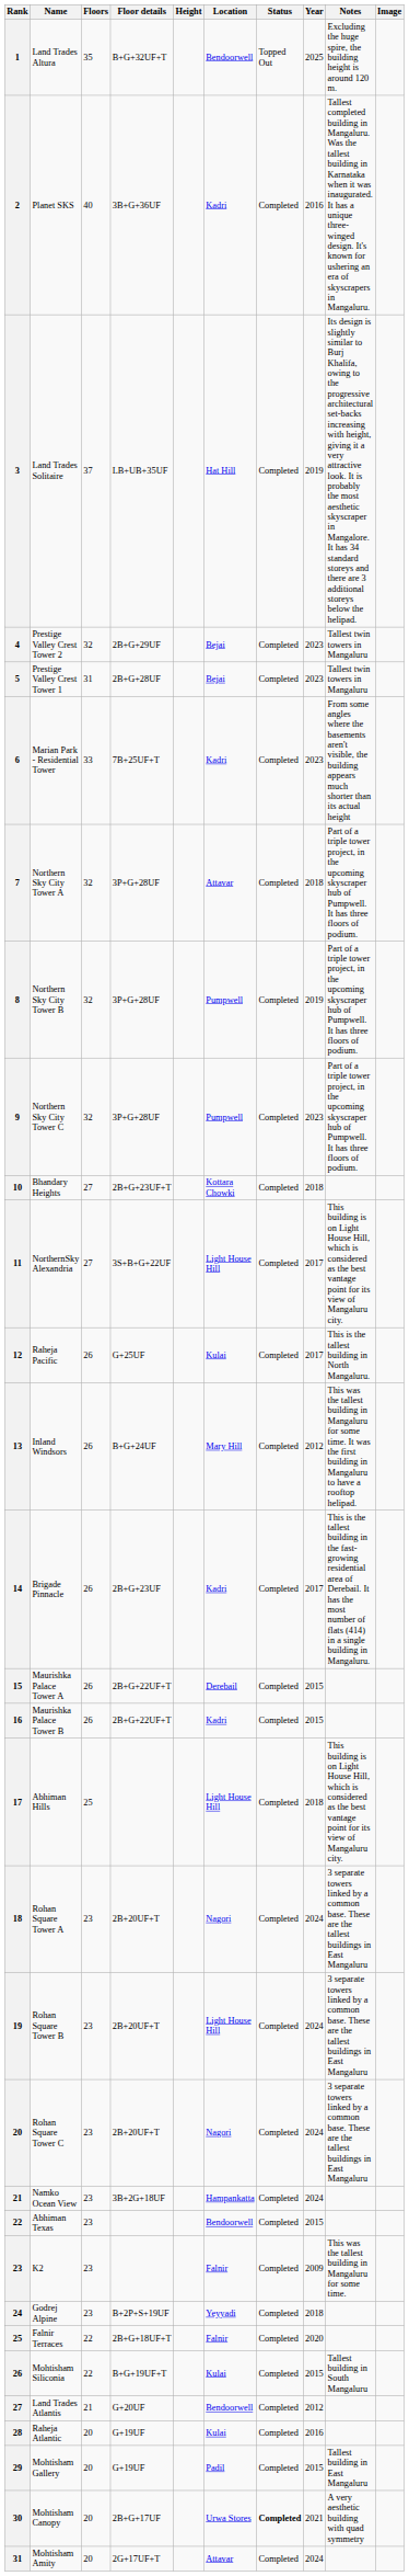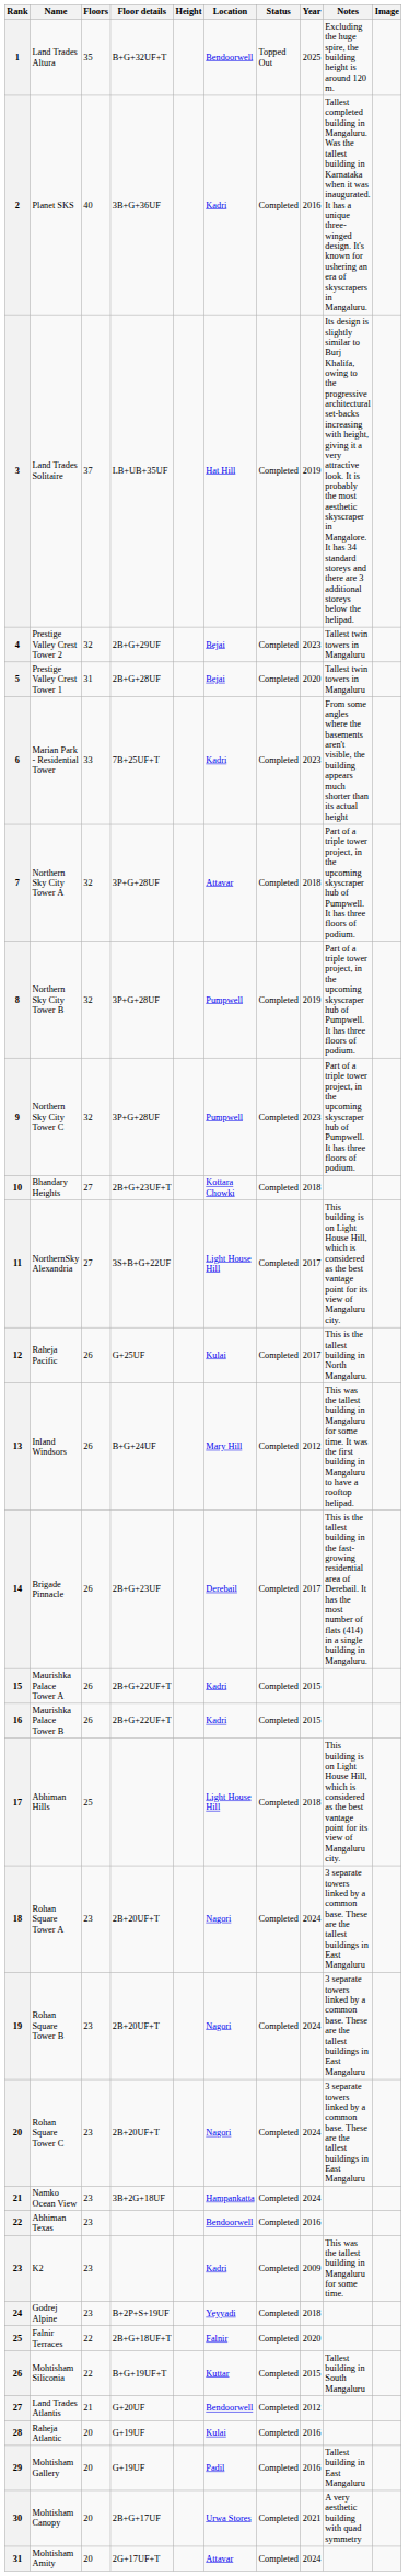 <table class="wikitable sortable">
 <tr style="background:#ececec;">
 <th>Rank</th>
 <th>Name</th>
 <th>Floors</th>
 <th>Floor details</th>
 <th>Height</th>
 <th>Location</th>
 <th>Status</th>
 <th>Year</th>
 <th>Notes</th>
 <th>Image</th>
 </tr>
 <tr>
 <th>1</th>
 <td>Land Trades Altura</td>
 <td>35</td>
 <td>B+G+32UF+T</td>
 <td></td>
 <td><a href='#'>Bendoorwell</a></td>
 <td>Topped Out</td>
 <td>2025</td>
 <td>Excluding the huge spire, the building height is around 120 m.</td>
 <td></td>
 </tr>
 <tr>
 <th>2</th>
 <td>Planet SKS</td>
 <td>40</td>
 <td>3B+G+36UF</td>
 <td></td>
 <td><a href='#'>Kadri</a></td>
 <td>Completed</td>
 <td>2016</td>
 <td>Tallest completed building in Mangaluru. Was the tallest building in Karnataka when it was inaugurated. It has a unique three-winged design. It's known for ushering an era of skyscrapers in Mangaluru.</td>
 <td></td>
 </tr>
 <tr>
 <th>3</th>
 <td>Land Trades Solitaire</td>
 <td>37</td>
 <td>LB+UB+35UF</td>
 <td></td>
 <td><a href='#'>Hat Hill</a></td>
 <td>Completed</td>
 <td>2019</td>
 <td>Its design is slightly similar to Burj Khalifa, owing to the progressive architectural set-backs increasing with height, giving it a very attractive look. It is probably the most aesthetic skyscraper in Mangalore. It has 34 standard storeys and there are 3 additional storeys below the helipad.</td>
 <td></td>
 </tr>
 <tr>
 <th>4</th>
 <td>Prestige Valley Crest Tower 2</td>
 <td>32</td>
 <td>2B+G+29UF</td>
 <td></td>
 <td><a href='#'>Bejai</a></td>
 <td>Completed</td>
 <td>2023</td>
 <td>Tallest twin towers in Mangaluru</td>
 <td></td>
 </tr>
 <tr>
 <th>5</th>
 <td>Prestige Valley Crest Tower 1</td>
 <td>31</td>
 <td>2B+G+28UF</td>
 <td></td>
 <td><a href='#'>Bejai</a></td>
 <td>Completed</td>
-<td>2023</td>
+<td>2020</td>
 <td>Tallest twin towers in Mangaluru</td>
 <td></td>
 </tr>
 <tr>
 <th>6</th>
 <td>Marian Park - Residential Tower</td>
 <td>33</td>
 <td>7B+25UF+T</td>
 <td></td>
 <td><a href='#'>Kadri</a></td>
 <td>Completed</td>
 <td>2023</td>
 <td>From some angles where the basements aren't visible, the building appears much shorter than its actual height</td>
 <td></td>
 </tr>
 <tr>
 <th>7</th>
 <td>Northern Sky City Tower A</td>
 <td>32</td>
 <td>3P+G+28UF</td>
 <td></td>
 <td><a href='#'>Attavar</a></td>
 <td>Completed</td>
 <td>2018</td>
 <td>Part of a triple tower project, in the upcoming skyscraper hub of Pumpwell. It has three floors of podium.</td>
 <td></td>
 </tr>
 <tr>
 <th>8</th>
 <td>Northern Sky City Tower B</td>
 <td>32</td>
 <td>3P+G+28UF</td>
 <td></td>
 <td><a href='#'>Pumpwell</a></td>
 <td>Completed</td>
 <td>2019</td>
 <td>Part of a triple tower project, in the upcoming skyscraper hub of Pumpwell. It has three floors of podium.</td>
 <td></td>
 </tr>
 <tr>
 <th>9</th>
 <td>Northern Sky City Tower C</td>
 <td>32</td>
 <td>3P+G+28UF</td>
 <td></td>
 <td><a href='#'>Pumpwell</a></td>
 <td>Completed</td>
 <td>2023</td>
 <td>Part of a triple tower project, in the upcoming skyscraper hub of Pumpwell. It has three floors of podium.</td>
 <td></td>
 </tr>
 <tr>
 <th>10</th>
 <td>Bhandary Heights</td>
 <td>27</td>
 <td>2B+G+23UF+T </td>
 <td></td>
 <td><a href='#'>Kottara Chowki</a></td>
 <td>Completed</td>
 <td>2018</td>
 <td></td>
 <td></td>
 </tr>
 <tr>
 <th>11</th>
 <td>NorthernSky Alexandria</td>
 <td>27</td>
 <td>3S+B+G+22UF </td>
 <td></td>
 <td><a href='#'>Light House Hill</a></td>
 <td>Completed</td>
 <td>2017</td>
 <td>This building is on Light House Hill, which is considered as the best vantage point for its view of Mangaluru city.</td>
 <td></td>
 </tr>
 <tr>
 <th>12</th>
 <td>Raheja Pacific</td>
 <td>26</td>
 <td>G+25UF</td>
 <td></td>
 <td><a href='#'>Kulai</a></td>
 <td>Completed</td>
 <td>2017</td>
 <td>This is the tallest building in North Mangaluru.</td>
 <td></td>
 </tr>
 <tr>
 <th>13</th>
 <td>Inland Windsors</td>
 <td>26</td>
 <td>B+G+24UF</td>
 <td></td>
 <td><a href='#'>Mary Hill</a></td>
 <td>Completed</td>
 <td>2012</td>
 <td>This was the tallest building in Mangaluru for some time. It was the first building in Mangaluru to have a rooftop helipad.</td>
 <td></td>
 </tr>
 <tr>
 <th>14</th>
 <td>Brigade Pinnacle</td>
 <td>26</td>
 <td>2B+G+23UF</td>
 <td></td>
-<td><a href='#'>Kadri</a></td>
+<td><a href='#'>Derebail</a></td>
 <td>Completed</td>
 <td>2017</td>
 <td>This is the tallest building in the fast-growing residential area of Derebail. It has the most number of flats (414) in a single building in Mangaluru.</td>
 <td></td>
 </tr>
 <tr>
 <th>15</th>
 <td>Maurishka Palace Tower A</td>
 <td>26</td>
 <td>2B+G+22UF+T</td>
 <td></td>
-<td><a href='#'>Derebail</a></td>
+<td><a href='#'>Kadri</a></td>
 <td>Completed</td>
 <td>2015</td>
 <td></td>
 <td></td>
 </tr>
 <tr>
 <th>16</th>
 <td>Maurishka Palace Tower B</td>
 <td>26</td>
 <td>2B+G+22UF+T</td>
 <td></td>
 <td><a href='#'>Kadri</a></td>
 <td>Completed</td>
 <td>2015</td>
 <td></td>
 <td></td>
 </tr>
 <tr>
 <th>17</th>
 <td>Abhiman Hills</td>
 <td>25</td>
 <td></td>
 <td></td>
 <td><a href='#'>Light House Hill</a></td>
 <td>Completed</td>
 <td>2018</td>
 <td>This building is on Light House Hill, which is considered as the best vantage point for its view of Mangaluru city.</td>
 <td></td>
 </tr>
 <tr>
 <th>18</th>
 <td>Rohan Square Tower A</td>
 <td>23</td>
 <td>2B+20UF+T</td>
 <td></td>
 <td><a href='#'>Nagori</a></td>
 <td>Completed</td>
 <td>2024</td>
 <td>3 separate towers linked by a common base. These are the tallest buildings in East Mangaluru</td>
 <td></td>
 </tr>
 <tr>
 <th>19</th>
 <td>Rohan Square Tower B</td>
 <td>23</td>
 <td>2B+20UF+T</td>
 <td></td>
-<td><a href='#'>Light House Hill</a></td>
+<td><a href='#'>Nagori</a></td>
 <td>Completed</td>
 <td>2024</td>
 <td>3 separate towers linked by a common base. These are the tallest buildings in East Mangaluru</td>
 <td></td>
 </tr>
 <tr>
 <th>20</th>
 <td>Rohan Square Tower C</td>
 <td>23</td>
 <td>2B+20UF+T</td>
 <td></td>
 <td><a href='#'>Nagori</a></td>
 <td>Completed</td>
 <td>2024</td>
 <td>3 separate towers linked by a common base. These are the tallest buildings in East Mangaluru</td>
 <td></td>
 </tr>
 <tr>
 <th>21</th>
 <td>Namko Ocean View</td>
 <td>23</td>
 <td>3B+2G+18UF</td>
 <td></td>
 <td><a href='#'>Hampankatta</a></td>
 <td>Completed</td>
 <td>2024</td>
 <td></td>
 <td></td>
 </tr>
 <tr>
 <th>22</th>
 <td>Abhiman Texas</td>
 <td>23</td>
 <td></td>
 <td></td>
 <td><a href='#'>Bendoorwell</a></td>
 <td>Completed</td>
-<td>2015</td>
+<td>2016</td>
 <td></td>
 <td></td>
 </tr>
 <tr>
 <th>23</th>
 <td>K2</td>
 <td>23 </td>
 <td></td>
 <td></td>
-<td><a href='#'>Falnir</a></td>
+<td><a href='#'>Kadri</a></td>
 <td>Completed</td>
 <td>2009</td>
 <td>This was the tallest building in Mangaluru for some time.</td>
 <td></td>
 </tr>
 <tr>
 <th>24</th>
 <td>Godrej Alpine</td>
 <td>23</td>
 <td>B+2P+S+19UF</td>
 <td></td>
 <td><a href='#'>Yeyyadi</a></td>
 <td>Completed</td>
 <td>2018</td>
 <td></td>
 <td></td>
 </tr>
 <tr>
 <th>25</th>
 <td>Falnir Terraces</td>
 <td>22</td>
 <td>2B+G+18UF+T </td>
 <td></td>
 <td><a href='#'>Falnir</a></td>
 <td>Completed</td>
 <td>2020</td>
 <td></td>
 <td></td>
 </tr>
 <tr>
 <th>26</th>
 <td>Mohtisham Siliconia</td>
 <td>22</td>
 <td>B+G+19UF+T </td>
 <td></td>
-<td><a href='#'>Kulai</a></td>
+<td><a href='#'>Kuttar</a></td>
 <td>Completed</td>
 <td>2015</td>
 <td>Tallest building in South Mangaluru</td>
 <td></td>
 </tr>
 <tr>
 <th>27</th>
 <td>Land Trades Atlantis</td>
 <td>21</td>
 <td>G+20UF</td>
 <td></td>
 <td><a href='#'>Bendoorwell</a></td>
 <td>Completed</td>
 <td>2012</td>
 <td></td>
 <td></td>
 </tr>
 <tr>
 <th>28</th>
 <td>Raheja Atlantic</td>
 <td>20</td>
 <td>G+19UF</td>
 <td></td>
 <td><a href='#'>Kulai</a></td>
 <td>Completed</td>
 <td>2016</td>
 <td></td>
 <td></td>
 </tr>
 <tr>
 <th>29</th>
 <td>Mohtisham Gallery</td>
 <td>20</td>
 <td>G+19UF</td>
 <td></td>
 <td><a href='#'>Padil</a></td>
 <td>Completed</td>
-<td>2015</td>
+<td>2016</td>
 <td>Tallest building in East Mangaluru</td>
 <td></td>
 </tr>
 <tr>
 <th>30</th>
 <td>Mohtisham Canopy</td>
 <td>20</td>
 <td>2B+G+17UF </td>
 <td></td>
 <td><a href='#'>Urwa Stores</a></td>
-<td><strong>Completed</strong></td>
+<td>Completed</td>
 <td>2021</td>
 <td>A very aesthetic building with quad symmetry</td>
 <td></td>
 </tr>
 <tr>
 <th>31</th>
 <td>Mohtisham Amity</td>
 <td>20</td>
 <td>2G+17UF+T</td>
 <td></td>
 <td><a href='#'>Attavar</a></td>
 <td>Completed</td>
 <td>2024</td>
 <td></td>
 </tr>
 </table>
